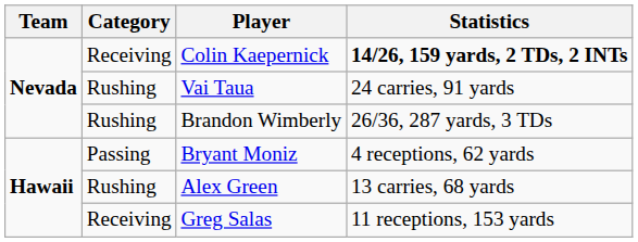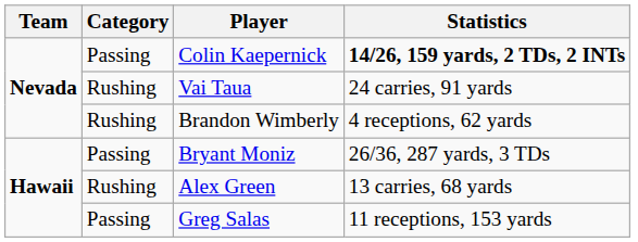 <table class="wikitable" style="float: left;">
 <tr>
 <th>Team</th>
 <th>Category</th>
 <th>Player</th>
 <th>Statistics</th>
 </tr>
 <tr>
 <td rowspan=3><strong>Nevada</strong></td>
-<td>Receiving</td>
+<td>Passing</td>
 <td><a href='#'>Colin Kaepernick</a></td>
 <td><strong>14/26, 159 yards, 2 TDs, 2 INTs</strong></td>
 </tr>
 <tr>
 <td>Rushing</td>
 <td><a href='#'>Vai Taua</a></td>
 <td>24 carries, 91 yards</td>
 </tr>
 <tr>
 <td>Rushing</td>
 <td>Brandon Wimberly</td>
-<td>26/36, 287 yards, 3 TDs</td>
+<td>4 receptions, 62 yards</td>
 </tr>
 <tr>
 <td rowspan=3><strong>Hawaii</strong></td>
 <td>Passing</td>
 <td><a href='#'>Bryant Moniz</a></td>
-<td>4 receptions, 62 yards</td>
+<td>26/36, 287 yards, 3 TDs</td>
 </tr>
 <tr>
 <td>Rushing</td>
 <td><a href='#'>Alex Green</a></td>
 <td>13 carries, 68 yards</td>
 </tr>
 <tr>
-<td>Receiving</td>
+<td>Passing</td>
 <td><a href='#'>Greg Salas</a></td>
 <td>11 receptions, 153 yards</td>
 </tr>
 </table>
